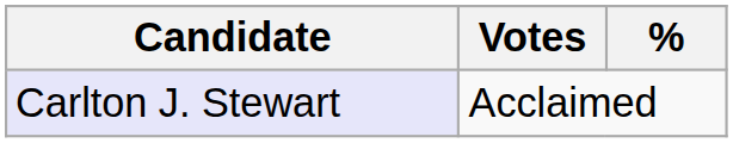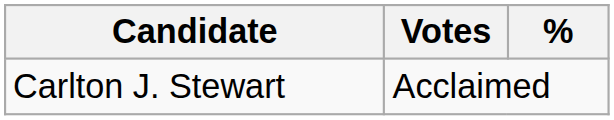 <table class="wikitable">
 <tr>
 <th style="width: 170px">Candidate</th>
 <th style="width: 50px">Votes</th>
 <th style="width: 40px">%</th>
 </tr>
 <tr>
-<td style="background: lavender;">Carlton J. Stewart</td>
+<td>Carlton J. Stewart</td>
 <td colspan="2">Acclaimed</td>
 </tr>
 </table>
